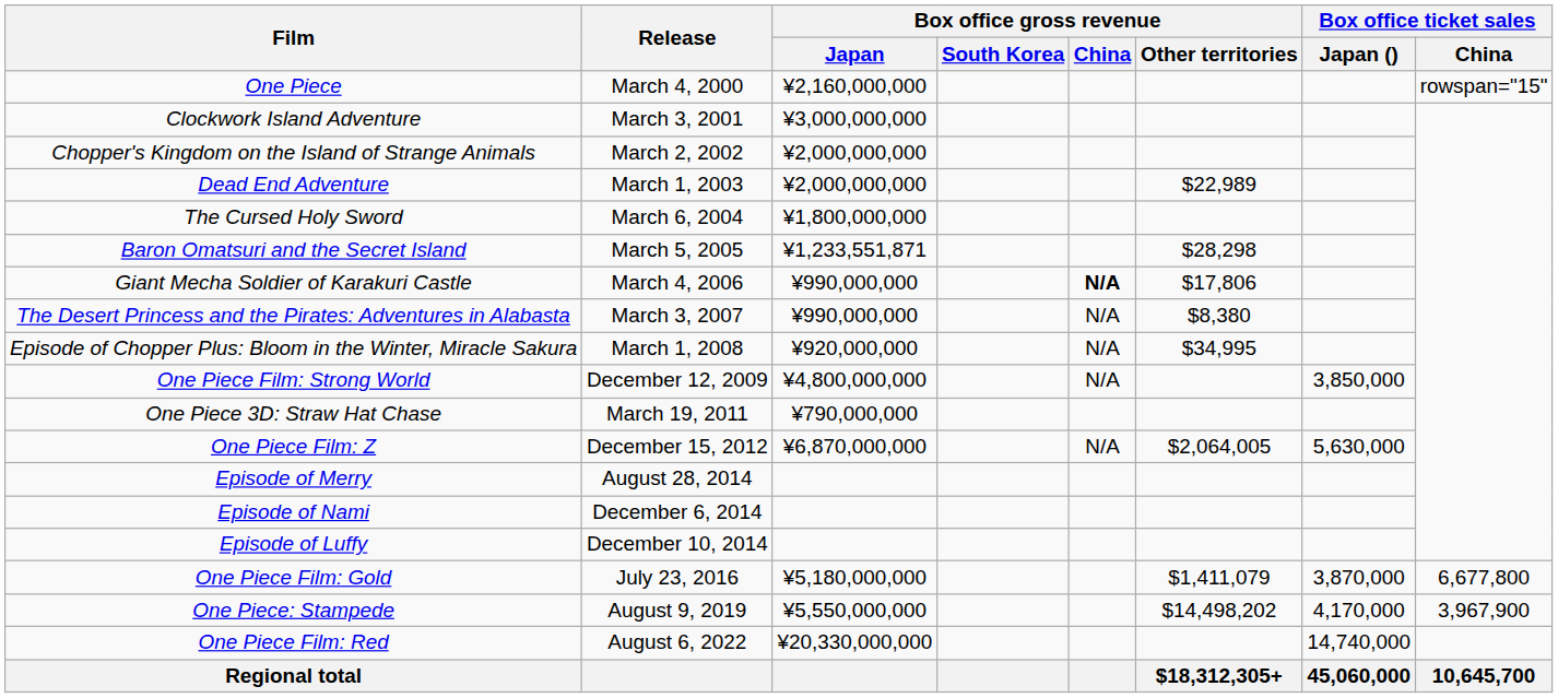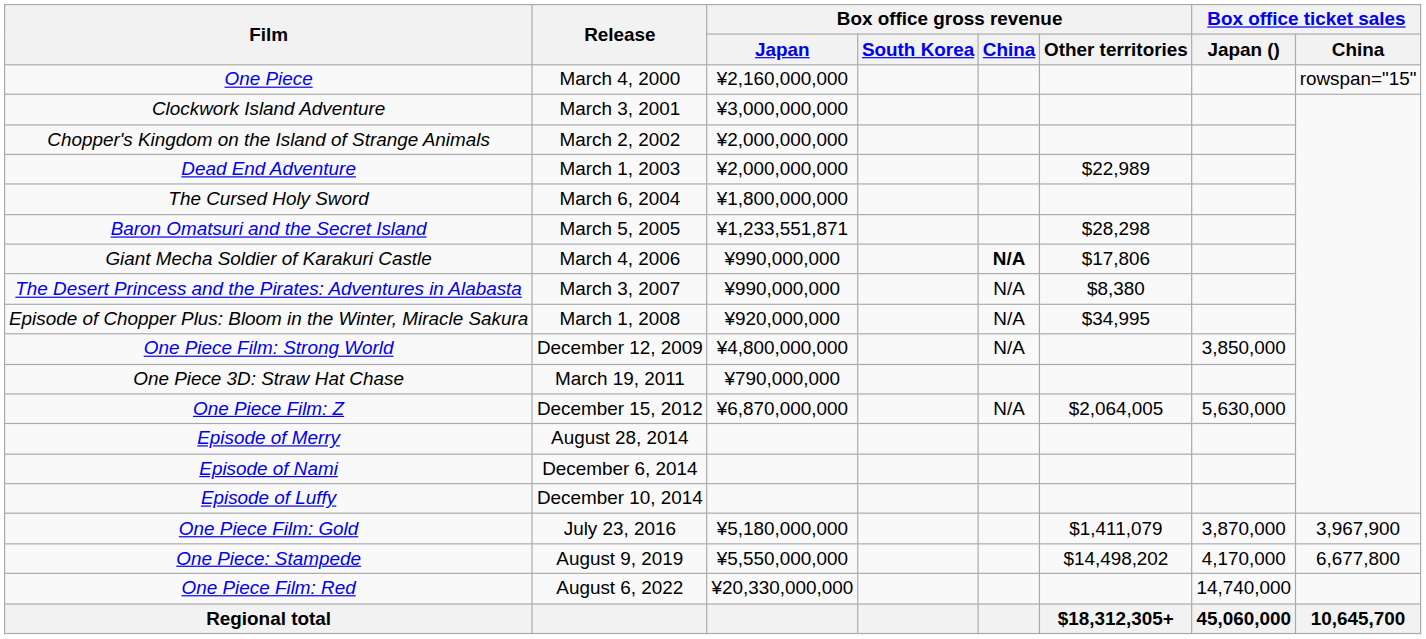 <table class="wikitable sortable plainrowheaders" style="text-align:center;">
 <tr>
 <th scope="col" rowspan="2">Film</th>
 <th scope="col" rowspan="2">Release</th>
 <th colspan="4" scope="col">Box office gross revenue</th>
 <th colspan="2" scope="col"><a href='#'>Box office ticket sales</a></th>
 </tr>
 <tr>
 <th scope="col"><a href='#'>Japan</a></th>
 <th scope="col"><a href='#'>South Korea</a></th>
 <th><a href='#'>China</a></th>
 <th scope="col">Other territories</th>
 <th scope="col">Japan ()</th>
 <th scope="col">China</th>
 </tr>
 <tr>
 <td><em><a href='#'>One Piece</a></em></td>
 <td>March 4, 2000</td>
 <td>¥2,160,000,000</td>
 <td></td>
 <td></td>
 <td></td>
 <td></td>
 <td>rowspan="15" </td>
 </tr>
 <tr>
 <td><em>Clockwork Island Adventure</em></td>
 <td>March 3, 2001</td>
 <td>¥3,000,000,000</td>
 <td></td>
 <td></td>
 <td></td>
 <td></td>
 </tr>
 <tr>
 <td><em>Chopper's Kingdom on the Island of Strange Animals</em></td>
 <td>March 2, 2002</td>
 <td>¥2,000,000,000</td>
 <td></td>
 <td></td>
 <td></td>
 <td></td>
 </tr>
 <tr>
 <td><em><a href='#'>Dead End Adventure</a></em></td>
 <td>March 1, 2003</td>
 <td>¥2,000,000,000</td>
 <td></td>
 <td></td>
 <td>$22,989</td>
 <td></td>
 </tr>
 <tr>
 <td><em>The Cursed Holy Sword</em></td>
 <td>March 6, 2004</td>
 <td>¥1,800,000,000</td>
 <td></td>
 <td></td>
 <td></td>
 <td></td>
 </tr>
 <tr>
 <td><em><a href='#'>Baron Omatsuri and the Secret Island</a></em></td>
 <td>March 5, 2005</td>
 <td>¥1,233,551,871</td>
 <td></td>
 <td></td>
 <td>$28,298</td>
 <td></td>
 </tr>
 <tr>
 <td><em>Giant Mecha Soldier of Karakuri Castle</em></td>
 <td>March 4, 2006</td>
 <td>¥990,000,000</td>
 <td></td>
 <td><strong>N/A</strong></td>
 <td>$17,806</td>
 <td></td>
 </tr>
 <tr>
 <td><em><a href='#'>The Desert Princess and the Pirates: Adventures in Alabasta</a></em></td>
 <td>March 3, 2007</td>
 <td>¥990,000,000</td>
 <td></td>
 <td>N/A</td>
 <td>$8,380</td>
 <td></td>
 </tr>
 <tr>
 <td><em>Episode of Chopper Plus: Bloom in the Winter, Miracle Sakura</em></td>
 <td>March 1, 2008</td>
 <td>¥920,000,000</td>
 <td></td>
 <td>N/A</td>
 <td>$34,995</td>
 <td></td>
 </tr>
 <tr>
 <td><em><a href='#'>One Piece Film: Strong World</a></em></td>
 <td>December 12, 2009</td>
 <td>¥4,800,000,000</td>
 <td></td>
 <td>N/A</td>
 <td></td>
 <td>3,850,000</td>
 </tr>
 <tr>
 <td><em>One Piece 3D: Straw Hat Chase</em></td>
 <td>March 19, 2011</td>
 <td>¥790,000,000</td>
 <td></td>
 <td></td>
 <td></td>
 <td></td>
 </tr>
 <tr>
 <td><em><a href='#'>One Piece Film: Z</a></em></td>
 <td>December 15, 2012</td>
 <td>¥6,870,000,000</td>
 <td></td>
 <td>N/A</td>
 <td>$2,064,005</td>
 <td>5,630,000</td>
 </tr>
 <tr>
 <td><em><a href='#'>Episode of Merry</a></em></td>
 <td>August 28, 2014</td>
 <td></td>
 <td></td>
 <td></td>
 <td></td>
 <td></td>
 </tr>
 <tr>
 <td><em><a href='#'>Episode of Nami</a></em></td>
 <td>December 6, 2014</td>
 <td></td>
 <td></td>
 <td></td>
 <td></td>
 <td></td>
 </tr>
 <tr>
 <td><em><a href='#'>Episode of Luffy</a></em></td>
 <td>December 10, 2014</td>
 <td></td>
 <td></td>
 <td></td>
 <td></td>
 <td></td>
 </tr>
 <tr>
 <td><em><a href='#'>One Piece Film: Gold</a></em></td>
 <td>July 23, 2016</td>
 <td>¥5,180,000,000</td>
 <td></td>
 <td></td>
 <td>$1,411,079</td>
 <td>3,870,000</td>
-<td>6,677,800</td>
+<td>3,967,900</td>
 </tr>
 <tr>
 <td><em><a href='#'>One Piece: Stampede</a></em></td>
 <td>August 9, 2019</td>
 <td>¥5,550,000,000</td>
 <td></td>
 <td></td>
 <td>$14,498,202</td>
 <td>4,170,000</td>
-<td>3,967,900</td>
+<td>6,677,800</td>
 </tr>
 <tr>
 <td><em><a href='#'>One Piece Film: Red</a></em></td>
 <td>August 6, 2022</td>
 <td>¥20,330,000,000</td>
 <td></td>
 <td></td>
 <td></td>
 <td>14,740,000</td>
 <td></td>
 </tr>
 <tr>
 <th>Regional total</th>
 <th></th>
 <th></th>
 <th></th>
 <th></th>
 <th>$18,312,305+</th>
 <th>45,060,000</th>
 <th>10,645,700</th>
 </tr>
 </table>
